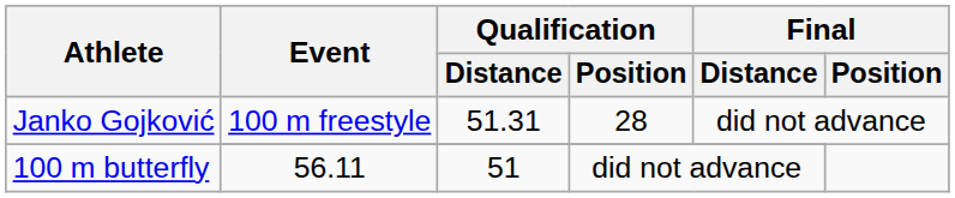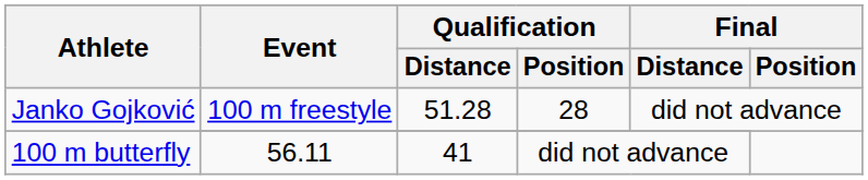 <table class=wikitable style="font-size:90%">
 <tr>
 <th rowspan="2">Athlete</th>
 <th rowspan="2">Event</th>
 <th colspan="2">Qualification</th>
 <th colspan="2">Final</th>
 </tr>
 <tr style="font-size:95%">
 <th>Distance</th>
 <th>Position</th>
 <th>Distance</th>
 <th>Position</th>
 </tr>
 <tr align=center>
 <td align=left rowspan=2><a href='#'>Janko Gojković</a></td>
 <td align=left><a href='#'>100 m freestyle</a></td>
-<td>51.31</td>
+<td>51.28</td>
 <td>28</td>
 <td colspan=2>did not advance</td>
 </tr>
 <tr>
 </tr>
 <tr align=center>
 <td align=left><a href='#'>100 m  butterfly</a></td>
 <td>56.11</td>
-<td>51</td>
+<td>41</td>
 <td colspan=2>did not advance</td>
 </tr>
 </table>
